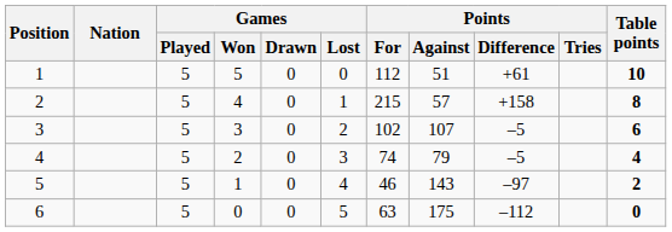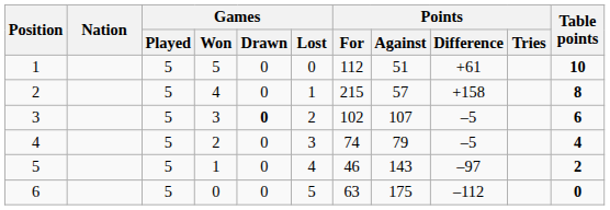 <table class="wikitable" style="text-align:center">
 <tr>
 <th rowspan="2" style="width:8%;">Position</th>
 <th rowspan="2" style="width:18%;">Nation</th>
 <th colspan="4" style="width:32%;">Games</th>
 <th colspan="4" style="width:32%;">Points</th>
 <th rowspan="2" style="width:10%;">Table<br>points</th>
 </tr>
 <tr>
 <th style="width:8%;">Played</th>
 <th style="width:8%;">Won</th>
 <th style="width:8%;">Drawn</th>
 <th style="width:8%;">Lost</th>
 <th style="width:8%;">For</th>
 <th style="width:8%;">Against</th>
 <th style="width:8%;">Difference</th>
 <th style="width:8%;">Tries</th>
 </tr>
 <tr>
 <td>1</td>
 <td align="left"></td>
 <td>5</td>
 <td>5</td>
 <td>0</td>
 <td>0</td>
 <td>112</td>
 <td>51</td>
 <td>+61</td>
 <td></td>
 <td><strong>10</strong></td>
 </tr>
 <tr>
 <td>2</td>
 <td align="left"></td>
 <td>5</td>
 <td>4</td>
 <td>0</td>
 <td>1</td>
 <td>215</td>
 <td>57</td>
 <td>+158</td>
 <td></td>
 <td><strong>8</strong></td>
 </tr>
 <tr>
 <td>3</td>
 <td align="left"></td>
 <td>5</td>
 <td>3</td>
-<td>0</td>
+<td><strong>0</strong></td>
 <td>2</td>
 <td>102</td>
 <td>107</td>
 <td>–5</td>
 <td></td>
 <td><strong>6</strong></td>
 </tr>
 <tr>
 <td>4</td>
 <td align="left"></td>
 <td>5</td>
 <td>2</td>
 <td>0</td>
 <td>3</td>
 <td>74</td>
 <td>79</td>
 <td>–5</td>
 <td></td>
 <td><strong>4</strong></td>
 </tr>
 <tr>
 <td>5</td>
 <td align="left"></td>
 <td>5</td>
 <td>1</td>
 <td>0</td>
 <td>4</td>
 <td>46</td>
 <td>143</td>
 <td>–97</td>
 <td></td>
 <td><strong>2</strong></td>
 </tr>
 <tr>
 <td>6</td>
 <td align="left"></td>
 <td>5</td>
 <td>0</td>
 <td>0</td>
 <td>5</td>
 <td>63</td>
 <td>175</td>
 <td>–112</td>
 <td></td>
 <td><strong>0</strong></td>
 </tr>
 </table>
